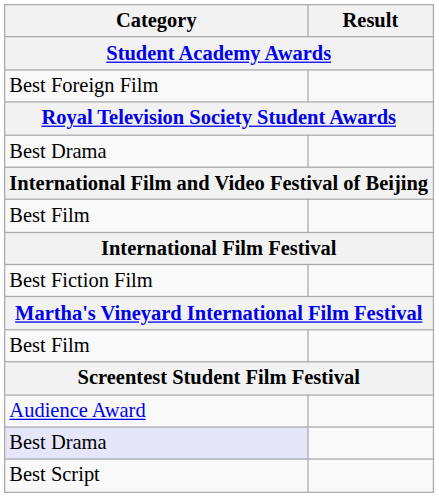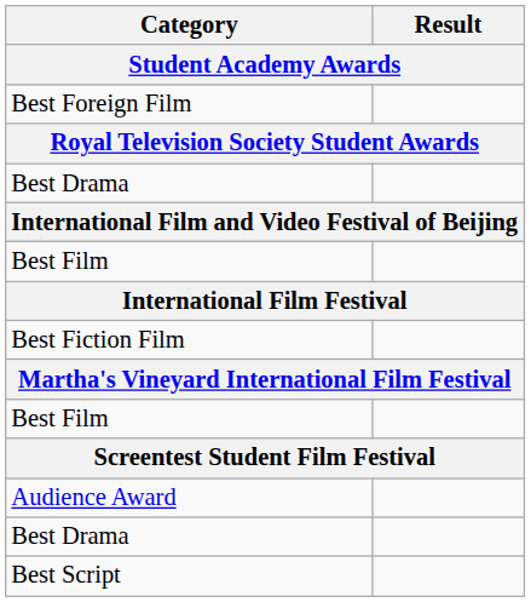 <table class="wikitable">
 <tr>
 <th>Category</th>
 <th>Result</th>
 </tr>
 <tr>
 <th colspan="2"><a href='#'>Student Academy Awards</a></th>
 </tr>
 <tr>
 <td>Best Foreign Film</td>
 <td></td>
 </tr>
 <tr>
 <th colspan="2"><a href='#'>Royal Television Society Student Awards</a></th>
 </tr>
 <tr>
 <td>Best Drama</td>
 <td></td>
 </tr>
 <tr>
 <th colspan="2">International Film and Video Festival of Beijing</th>
 </tr>
 <tr>
 <td>Best Film</td>
 <td></td>
 </tr>
 <tr>
 <th colspan="2">International Film Festival</th>
 </tr>
 <tr>
 <td>Best Fiction Film</td>
 <td></td>
 </tr>
 <tr>
 <th colspan="2"><a href='#'>Martha's Vineyard International Film Festival</a></th>
 </tr>
 <tr>
 <td>Best Film</td>
 <td></td>
 </tr>
 <tr>
 <th colspan="2">Screentest Student Film Festival</th>
 </tr>
 <tr>
 <td><a href='#'>Audience Award</a></td>
 <td></td>
 </tr>
 <tr>
-<td style="background: lavender;">Best Drama</td>
+<td>Best Drama</td>
 <td></td>
 </tr>
 <tr>
 <td>Best Script</td>
 <td></td>
 </tr>
 </table>
